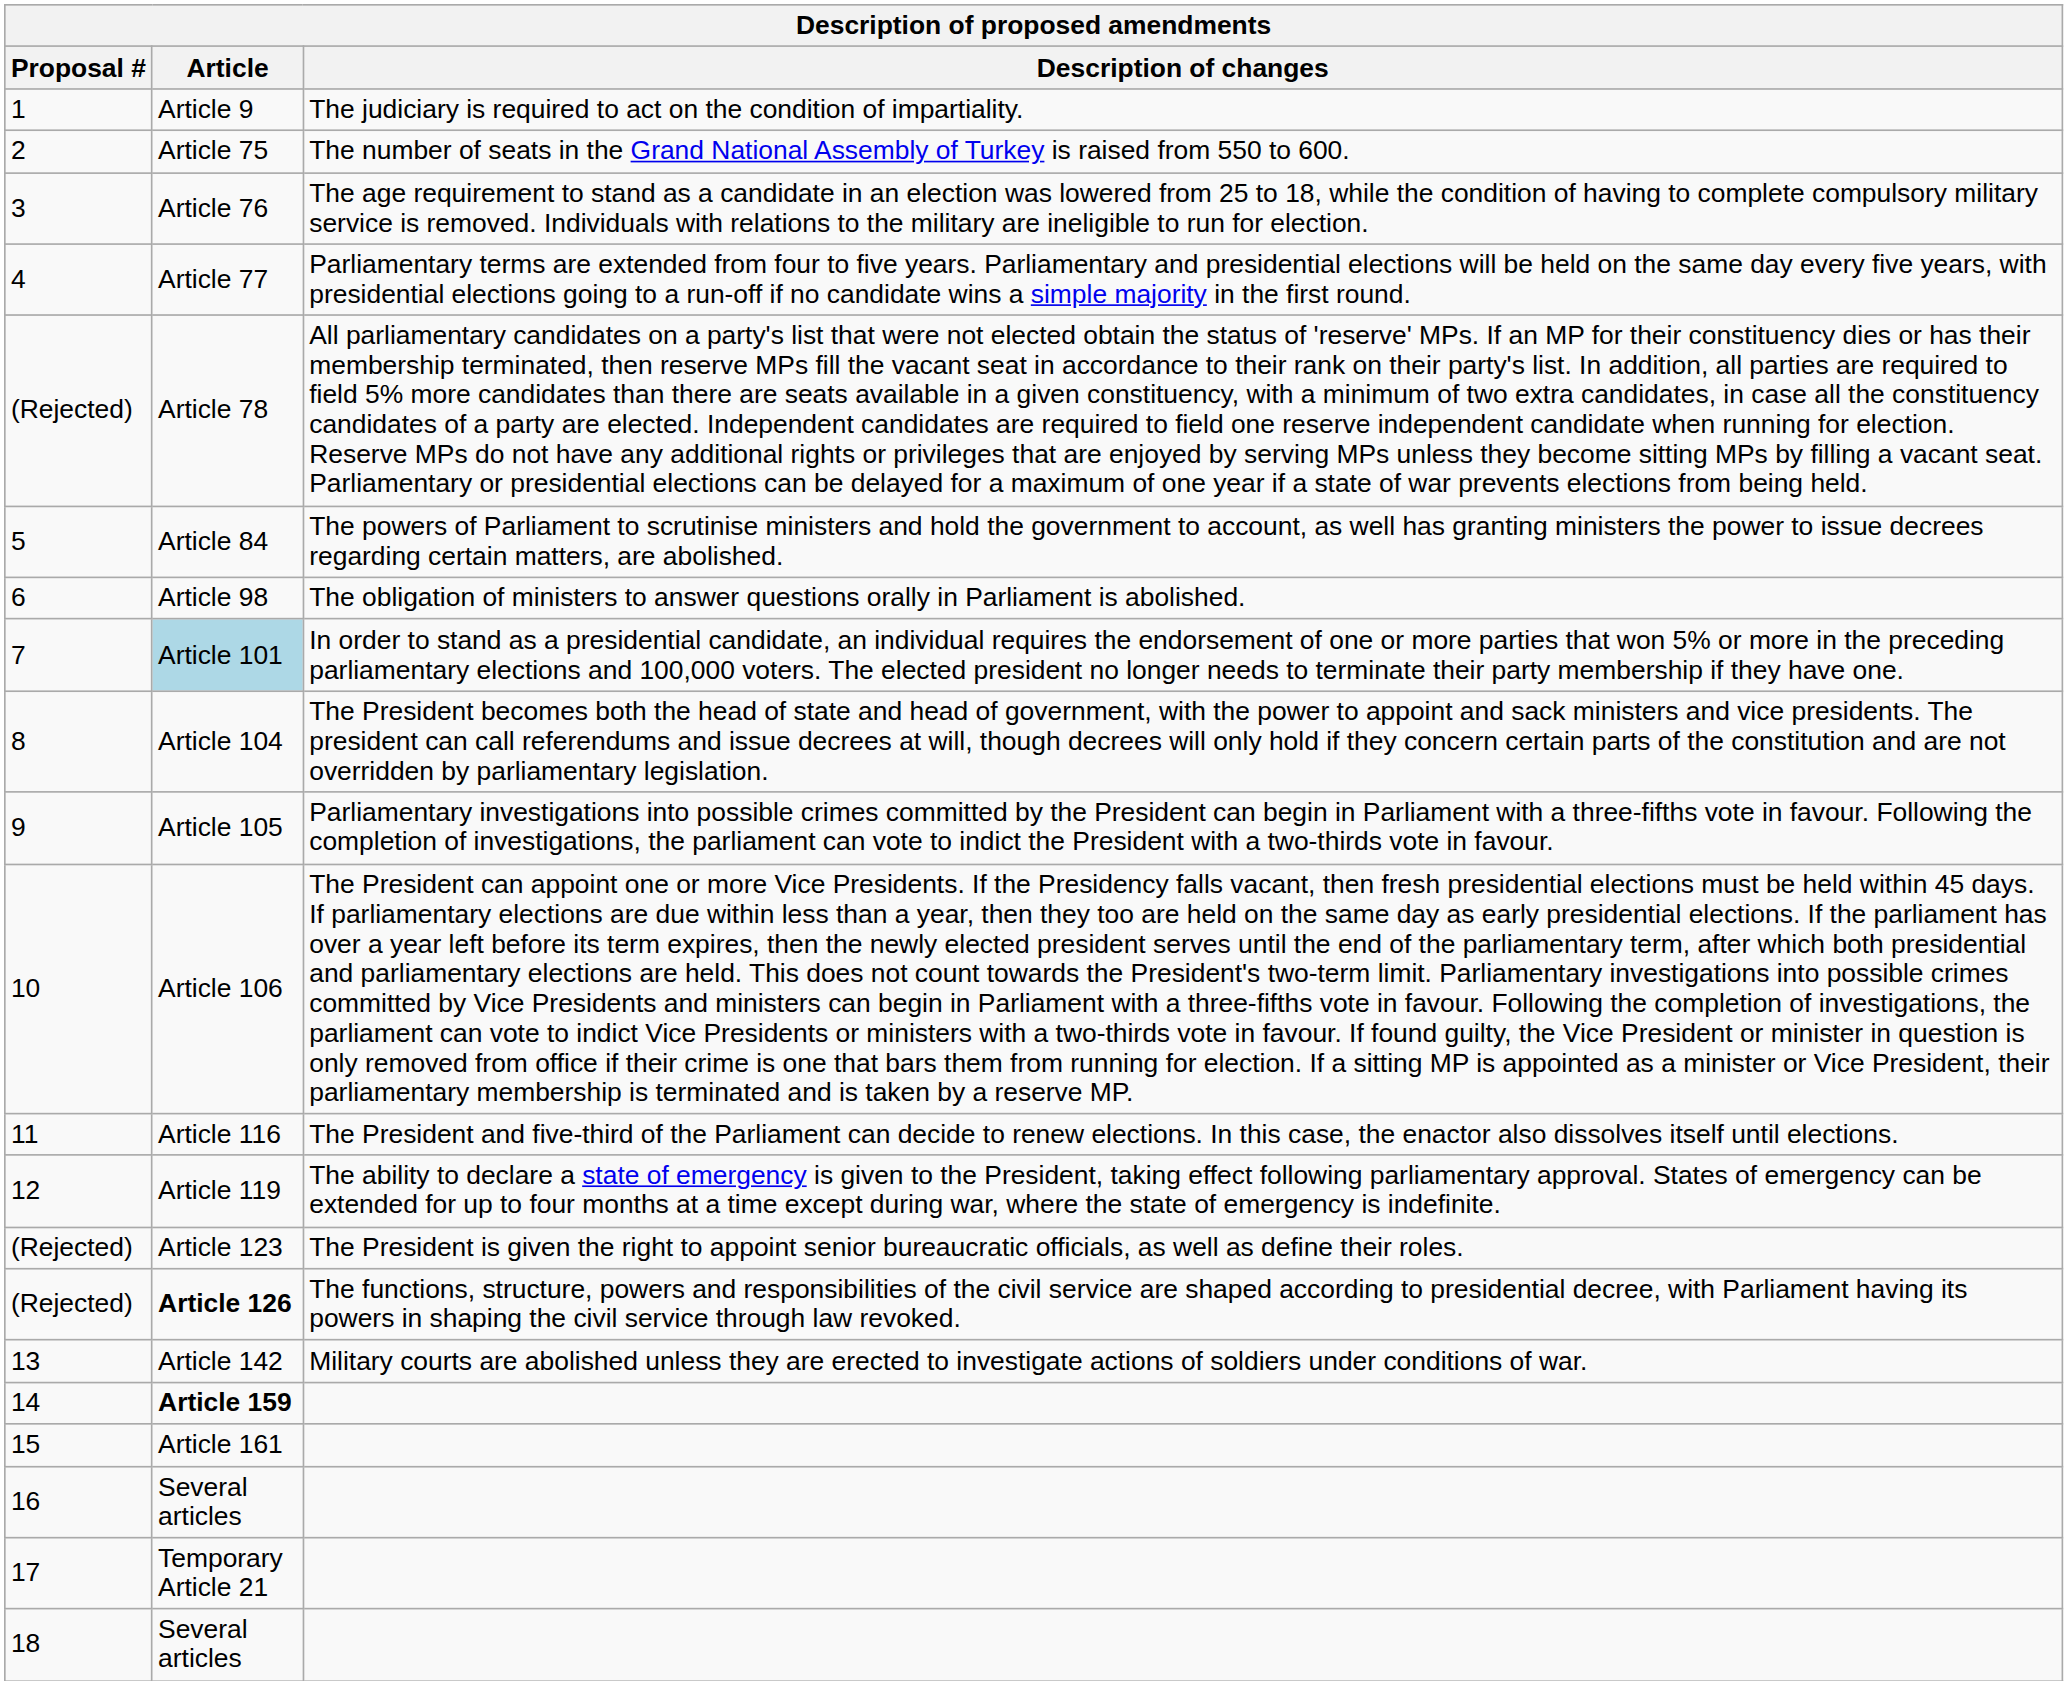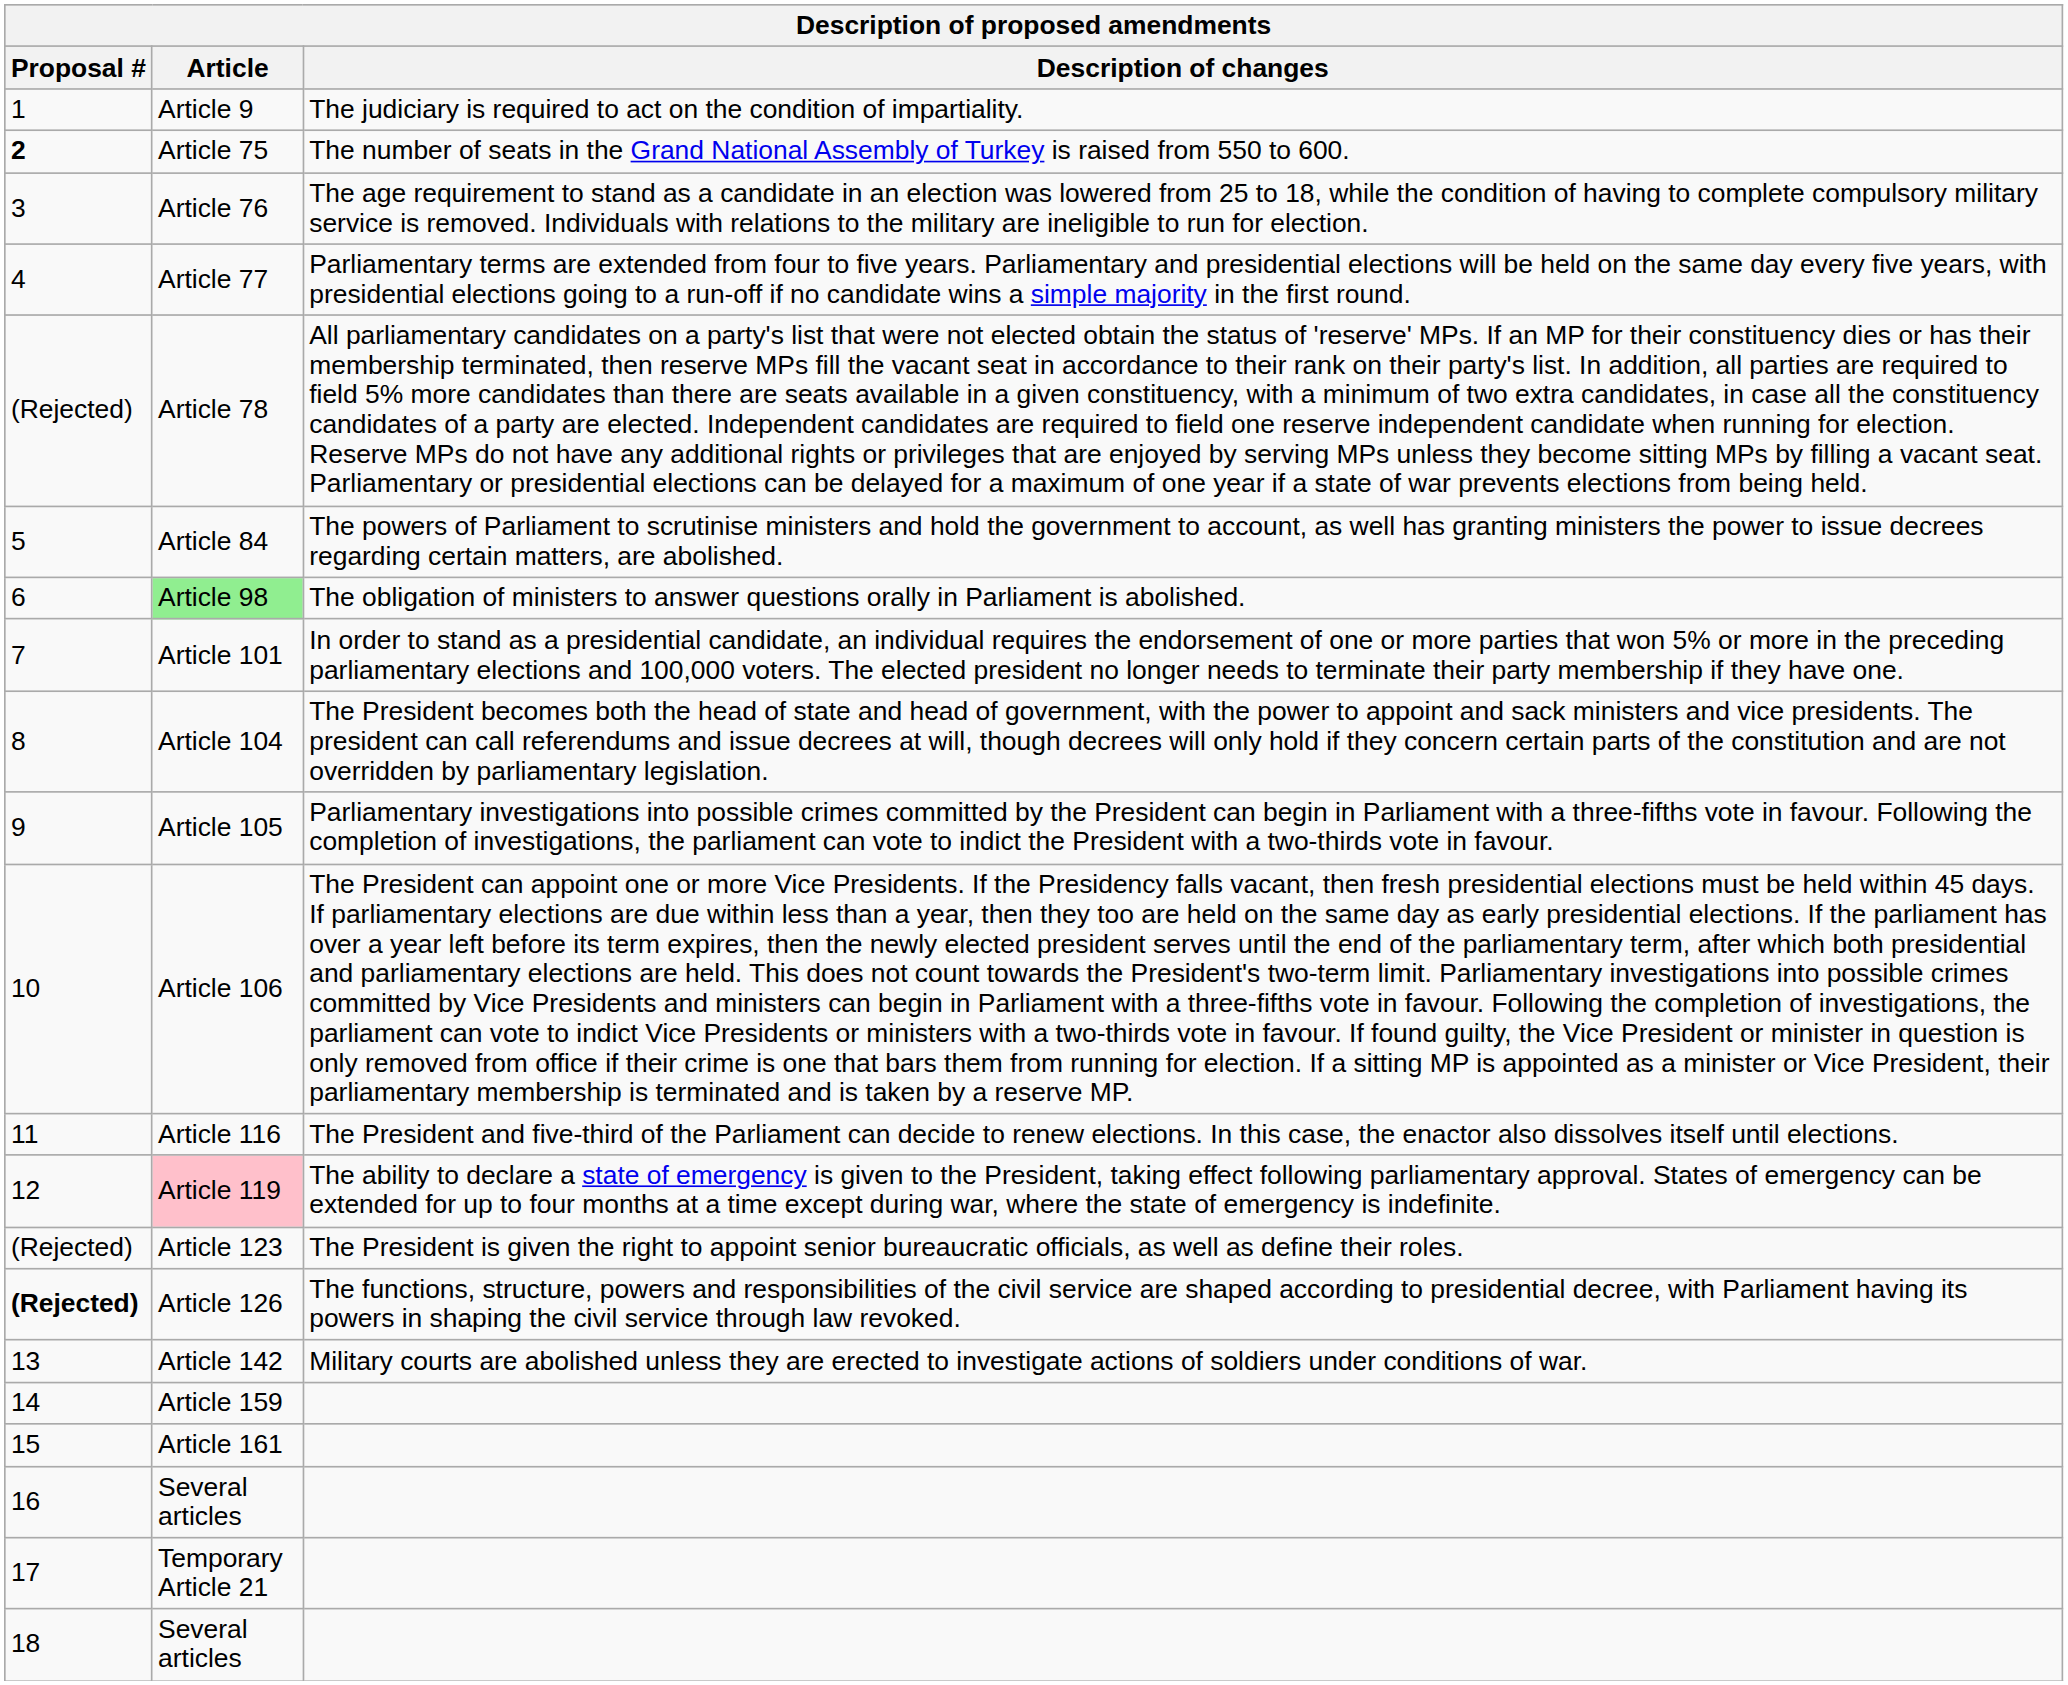 <table class="wikitable mw-collapsible mw-collapsed">
 <tr>
 <th colspan=3>Description of proposed amendments</th>
 </tr>
 <tr>
 <th>Proposal #</th>
 <th>Article</th>
 <th>Description of changes</th>
 </tr>
 <tr>
 <td>1</td>
 <td>Article 9</td>
 <td>The judiciary is required to act on the condition of impartiality.</td>
 </tr>
 <tr>
-<td>2</td>
+<td><strong>2</strong></td>
 <td>Article 75</td>
 <td>The number of seats in the <a href='#'>Grand National Assembly of Turkey</a> is raised from 550 to 600.</td>
 </tr>
 <tr>
 <td>3</td>
 <td>Article 76</td>
 <td>The age requirement to stand as a candidate in an election was lowered from 25 to 18, while the condition of having to complete compulsory military service is removed. Individuals with relations to the military are ineligible to run for election.</td>
 </tr>
 <tr>
 <td>4</td>
 <td>Article 77</td>
 <td>Parliamentary terms are extended from four to five years. Parliamentary and presidential elections will be held on the same day every five years, with presidential elections going to a run-off if no candidate wins a <a href='#'>simple majority</a> in the first round.</td>
 </tr>
 <tr>
 <td>(Rejected)</td>
 <td>Article 78</td>
 <td>All parliamentary candidates on a party's list that were not elected obtain the status of 'reserve' MPs. If an MP for their constituency dies or has their membership terminated, then reserve MPs fill the vacant seat in accordance to their rank on their party's list. In addition, all parties are required to field 5% more candidates than there are seats available in a given constituency, with a minimum of two extra candidates, in case all the constituency candidates of a party are elected. Independent candidates are required to field one reserve independent candidate when running for election. Reserve MPs do not have any additional rights or privileges that are enjoyed by serving MPs unless they become sitting MPs by filling a vacant seat. Parliamentary or presidential elections can be delayed for a maximum of one year if a state of war prevents elections from being held.</td>
 </tr>
 <tr>
 <td>5</td>
 <td>Article 84</td>
 <td>The powers of Parliament to scrutinise ministers and hold the government to account, as well has granting ministers the power to issue decrees regarding certain matters, are abolished.</td>
 </tr>
 <tr>
 <td>6</td>
-<td>Article 98</td>
+<td style="background: lightgreen;">Article 98</td>
 <td>The obligation of ministers to answer questions orally in Parliament is abolished.</td>
 </tr>
 <tr>
 <td>7</td>
-<td style="background: lightblue;">Article 101</td>
+<td>Article 101</td>
 <td>In order to stand as a presidential candidate, an individual requires the endorsement of one or more parties that won 5% or more in the preceding parliamentary elections and 100,000 voters. The elected president no longer needs to terminate their party membership if they have one.</td>
 </tr>
 <tr>
 <td>8</td>
 <td>Article 104</td>
 <td>The President becomes both the head of state and head of government, with the power to appoint and sack ministers and vice presidents. The president can call referendums and issue decrees at will, though decrees will only hold if they concern certain parts of the constitution and are not overridden by parliamentary legislation.</td>
 </tr>
 <tr>
 <td>9</td>
 <td>Article 105</td>
 <td>Parliamentary investigations into possible crimes committed by the President can begin in Parliament with a three-fifths vote in favour. Following the completion of investigations, the parliament can vote to indict the President with a two-thirds vote in favour.</td>
 </tr>
 <tr>
 <td>10</td>
 <td>Article 106</td>
 <td>The President can appoint one or more Vice Presidents. If the Presidency falls vacant, then fresh presidential elections must be held within 45 days. If parliamentary elections are due within less than a year, then they too are held on the same day as early presidential elections. If the parliament has over a year left before its term expires, then the newly elected president serves until the end of the parliamentary term, after which both presidential and parliamentary elections are held. This does not count towards the President's two-term limit. Parliamentary investigations into possible crimes committed by Vice Presidents and ministers can begin in Parliament with a three-fifths vote in favour. Following the completion of investigations, the parliament can vote to indict Vice Presidents or ministers with a two-thirds vote in favour. If found guilty, the Vice President or minister in question is only removed from office if their crime is one that bars them from running for election. If a sitting MP is appointed as a minister or Vice President, their parliamentary membership is terminated and is taken by a reserve MP.</td>
 </tr>
 <tr>
 <td>11</td>
 <td>Article 116</td>
 <td>The President and five-third of the Parliament can decide to renew elections. In this case, the enactor also dissolves itself until elections.</td>
 </tr>
 <tr>
 <td>12</td>
-<td>Article 119</td>
+<td style="background: pink;">Article 119</td>
 <td>The ability to declare a <a href='#'>state of emergency</a> is given to the President, taking effect following parliamentary approval. States of emergency can be extended for up to four months at a time except during war, where the state of emergency is indefinite.</td>
 </tr>
 <tr>
 <td>(Rejected)</td>
 <td>Article 123</td>
 <td>The President is given the right to appoint senior bureaucratic officials, as well as define their roles.</td>
 </tr>
 <tr>
-<td>(Rejected)</td>
-<td><strong>Article 126</strong></td>
+<td><strong>(Rejected)</strong></td>
+<td>Article 126</td>
 <td>The functions, structure, powers and responsibilities of the civil service are shaped according to presidential decree, with Parliament having its powers in shaping the civil service through law revoked.</td>
 </tr>
 <tr>
 <td>13</td>
 <td>Article 142</td>
 <td>Military courts are abolished unless they are erected to investigate actions of soldiers under conditions of war.</td>
 </tr>
 <tr>
 <td>14</td>
-<td><strong>Article 159</strong></td>
+<td>Article 159</td>
 <td></td>
 </tr>
 <tr>
 <td>15</td>
 <td>Article 161</td>
 <td></td>
 </tr>
 <tr>
 <td>16</td>
 <td>Several articles</td>
 <td></td>
 </tr>
 <tr>
 <td>17</td>
 <td>Temporary Article 21</td>
 <td></td>
 </tr>
 <tr>
 <td>18</td>
 <td>Several articles</td>
 <td></td>
 </tr>
 </table>
